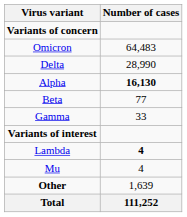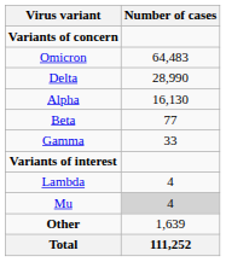 <table class="wikitable floatright" style="text-align:center">
 <tr>
 <th>Virus variant</th>
 <th>Number of cases</th>
 </tr>
 <tr>
 <td><strong>Variants of concern</strong></td>
 </tr>
 <tr>
 <td><a href='#'>Omicron</a></td>
 <td>64,483</td>
 </tr>
 <tr>
 <td><a href='#'>Delta</a></td>
 <td>28,990</td>
 </tr>
 <tr>
 <td><a href='#'>Alpha</a></td>
-<td><strong>16,130</strong></td>
+<td>16,130</td>
 </tr>
 <tr>
 <td><a href='#'>Beta</a></td>
 <td>77</td>
 </tr>
 <tr>
 <td><a href='#'>Gamma</a></td>
 <td>33</td>
 </tr>
 <tr>
 <td><strong>Variants of interest</strong></td>
 </tr>
 <tr>
 <td><a href='#'>Lambda</a></td>
-<td><strong>4</strong></td>
+<td>4</td>
 </tr>
 <tr>
 <td><a href='#'>Mu</a></td>
-<td>4</td>
+<td style="background: lightgrey;">4</td>
 </tr>
 <tr>
 <td><strong>Other</strong></td>
 <td>1,639</td>
 </tr>
 <tr>
 <th>Total</th>
 <th>111,252</th>
 </tr>
 </table>
